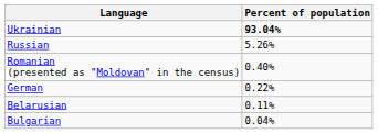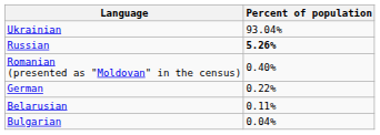 <table class="wikitable">
 <tr>
 <th>Language</th>
 <th>Percent of population</th>
 </tr>
 <tr>
 <td><a href='#'>Ukrainian</a></td>
-<td><strong>93.04%</strong></td>
+<td>93.04%</td>
 </tr>
 <tr>
 <td><a href='#'>Russian</a></td>
-<td>5.26%</td>
+<td><strong>5.26%</strong></td>
 </tr>
 <tr>
 <td><a href='#'>Romanian</a><br>(presented as "<a href='#'>Moldovan</a>" in the census)</td>
 <td>0.40%</td>
 </tr>
 <tr>
 <td><a href='#'>German</a></td>
 <td>0.22%</td>
 </tr>
 <tr>
 <td><a href='#'>Belarusian</a></td>
 <td>0.11%</td>
 </tr>
 <tr>
 <td><a href='#'>Bulgarian</a></td>
 <td>0.04%</td>
 </tr>
 </table>
